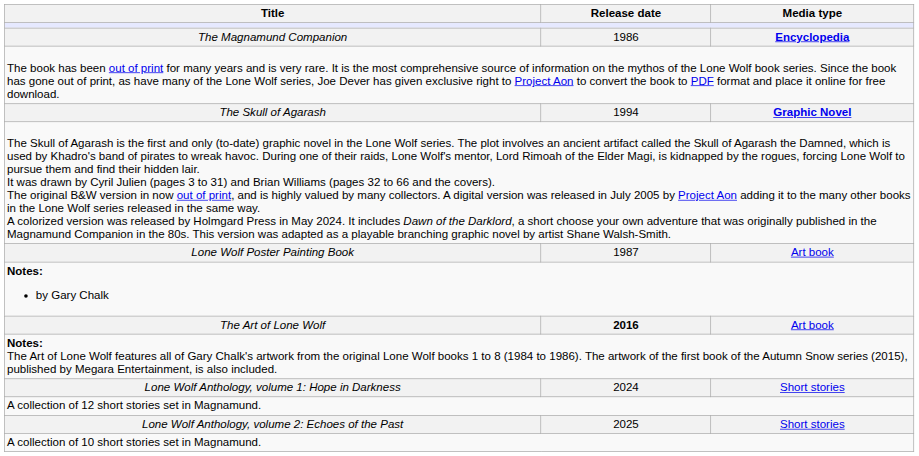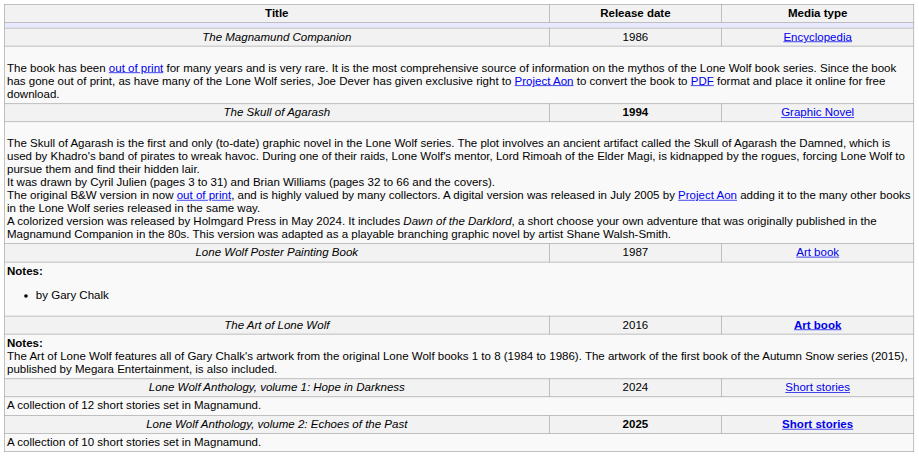 <table class="wikitable" width="100%">
 <tr style="text-align: center;">
 <th>Title</th>
 <th>Release date</th>
 <th>Media type</th>
 </tr>
 <tr>
 <td colspan="5" bgcolor="#e6e9ff"></td>
 </tr>
 <tr bgcolor="#F2F2F2" align="center">
 <td><em>The Magnamund Companion</em></td>
 <td>1986</td>
-<td><strong><a href='#'>Encyclopedia</a></strong></td>
+<td><a href='#'>Encyclopedia</a></td>
 </tr>
 <tr>
 <td colspan="3" style="border: none; vertical-align: top;"><br>The book has been <a href='#'>out of print</a> for many years and is very rare. It is the most comprehensive source of information on the mythos of the Lone Wolf book series. Since the book has gone out of print, as have many of the Lone Wolf series, Joe Dever has given exclusive right to <a href='#'>Project Aon</a> to convert the book to <a href='#'>PDF</a> format and place it online for free download.</td>
 </tr>
 <tr bgcolor="#F2F2F2" align="center">
 <td><em>The Skull of Agarash</em></td>
-<td>1994</td>
-<td><strong><a href='#'>Graphic Novel</a></strong></td>
+<td><strong>1994</strong></td>
+<td><a href='#'>Graphic Novel</a></td>
 </tr>
 <tr>
 <td colspan="3" style="border: none; vertical-align: top;"><br>The Skull of Agarash is the first and only (to-date) graphic novel in the Lone Wolf series. The plot involves an ancient artifact called the Skull of Agarash the Damned, which is used by Khadro's band of pirates to wreak havoc. During one of their raids, Lone Wolf's mentor, Lord Rimoah of the Elder Magi, is kidnapped by the rogues, forcing Lone Wolf to pursue them and find their hidden lair.<br>It was drawn by Cyril Julien (pages 3 to 31) and Brian Williams (pages 32 to 66 and the covers).<br>The original B&W version in now <a href='#'>out of print</a>, and is highly valued by many collectors. A digital version was released in July 2005 by <a href='#'>Project Aon</a> adding it to the many other books in the Lone Wolf series released in the same way.<br>A colorized version was released by Holmgard Press in May 2024. It includes <em>Dawn of the Darklord</em>, a short choose your own adventure that was originally published in the Magnamund Companion in the 80s. This version was adapted as a playable branching graphic novel by artist Shane Walsh-Smith.</td>
 </tr>
 <tr bgcolor="#F2F2F2" align="center">
 <td><em>Lone Wolf Poster Painting Book </em></td>
 <td>1987</td>
 <td><a href='#'>Art book</a></td>
 </tr>
 <tr>
 <td colspan="3" style="border: none; vertical-align: top;"><strong>Notes:</strong><br><ul><li>by Gary Chalk</li></ul></td>
 </tr>
 <tr bgcolor="#F2F2F2" align="center">
 <td><em>The Art of Lone Wolf</em></td>
-<td><strong>2016</strong></td>
-<td><a href='#'>Art book</a></td>
+<td>2016</td>
+<td><strong><a href='#'>Art book</a></strong></td>
 </tr>
 <tr>
 <td colspan="3" style="border: none; vertical-align: top;"><strong>Notes:</strong><br>The Art of Lone Wolf features all of Gary Chalk's artwork from the original Lone Wolf books 1 to 8 (1984 to 1986). The artwork of the first book of the Autumn Snow series (2015), published by Megara Entertainment, is also included.</td>
 </tr>
 <tr bgcolor="#F2F2F2" align="center">
 <td><em>Lone Wolf Anthology, volume 1: Hope in Darkness</em></td>
 <td>2024</td>
 <td><a href='#'>Short stories</a></td>
 </tr>
 <tr>
 <td colspan="3" style="border: none; vertical-align: top;">A collection of 12 short stories set in Magnamund.</td>
 </tr>
 <tr bgcolor="#F2F2F2" align="center">
 <td><em>Lone Wolf Anthology, volume 2: Echoes of the Past</em></td>
-<td>2025</td>
-<td><a href='#'>Short stories</a></td>
+<td><strong>2025</strong></td>
+<td><strong><a href='#'>Short stories</a></strong></td>
 </tr>
 <tr>
 <td colspan="3" style="border: none; vertical-align: top;">A collection of 10 short stories set in Magnamund.</td>
 </tr>
 </table>
